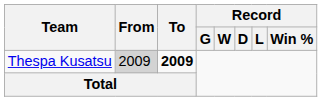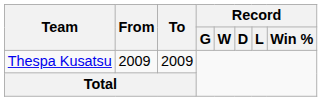 <table class="wikitable" style="text-align: center">
 <tr>
 <th rowspan="2">Team</th>
 <th rowspan="2">From</th>
 <th rowspan="2">To</th>
 <th colspan="5">Record</th>
 </tr>
 <tr>
 <th>G</th>
 <th>W</th>
 <th>D</th>
 <th>L</th>
 <th>Win %</th>
 </tr>
 <tr>
 <td align="left"><a href='#'>Thespa Kusatsu</a></td>
-<td align="left" style="background: lightgrey;">2009</td>
-<td align="left"><strong>2009<br></strong></td>
+<td align="left">2009</td>
+<td align="left">2009<br></td>
 </tr>
 <tr>
 <th colspan="3">Total<br></th>
 </tr>
 </table>
